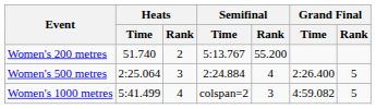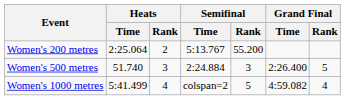 <table class=wikitable style="text-align:center; font-size:90%">
 <tr>
 <th rowspan="2">Event</th>
 <th colspan="2">Heats</th>
 <th colspan="2">Semifinal</th>
 <th colspan="2">Grand Final</th>
 </tr>
 <tr>
 <th>Time</th>
 <th>Rank</th>
 <th>Time</th>
 <th>Rank</th>
 <th>Time</th>
 <th>Rank</th>
 </tr>
 <tr>
 <td align=left><a href='#'>Women's 200 metres</a></td>
-<td>51.740</td>
+<td>2:25.064</td>
 <td>2 <strong></strong></td>
 <td>5:13.767</td>
 <td>55.200</td>
 <td></td>
 </tr>
 <tr>
 <td align=left><a href='#'>Women's 500 metres</a></td>
-<td>2:25.064</td>
+<td>51.740</td>
 <td>3 <strong></strong></td>
 <td>2:24.884</td>
-<td>4 <strong></strong></td>
+<td>3 <strong></strong></td>
 <td>2:26.400</td>
 <td>5</td>
 </tr>
 <tr>
 <td align=left><a href='#'>Women's 1000 metres</a></td>
 <td>5:41.499</td>
 <td>4 <strong></strong></td>
 <td>colspan=2 </td>
-<td>3 <strong></strong></td>
+<td>5 <strong></strong></td>
 <td>4:59.082</td>
-<td>5</td>
+<td>4</td>
 </tr>
 </table>
